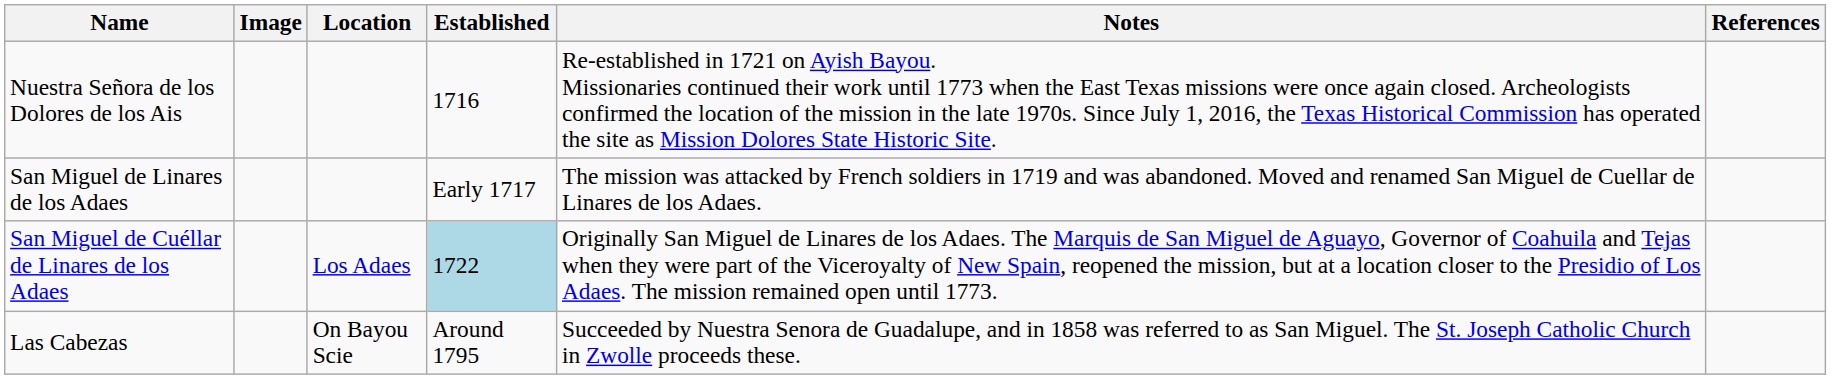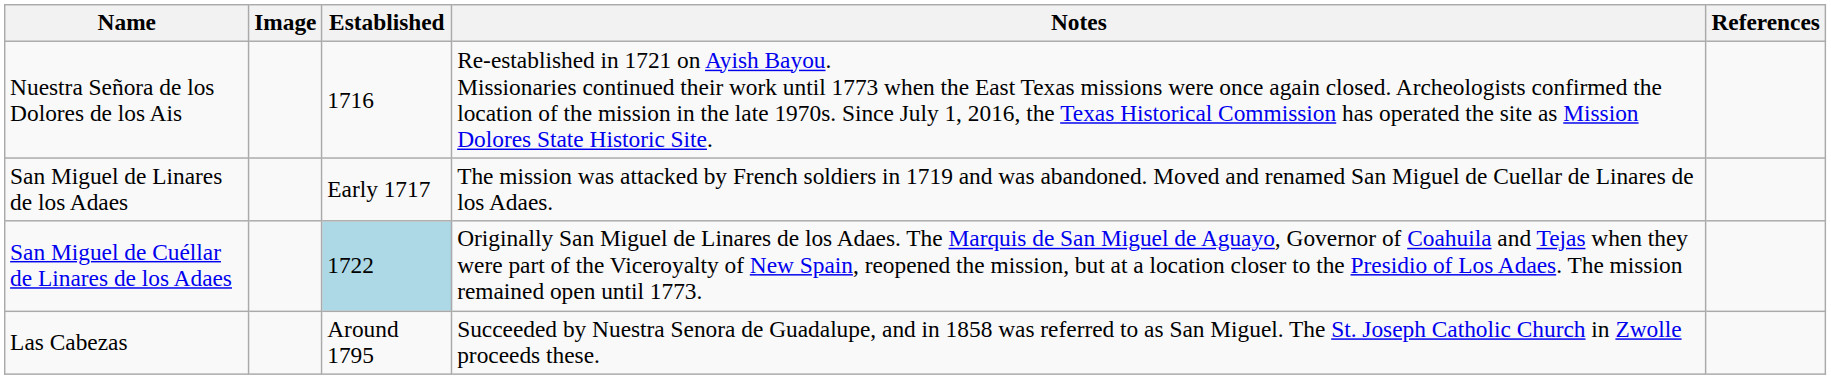 <table class="wikitable">
 <tr>
 <th>Name</th>
 <th>Image</th>
-<th>Location</th>
 <th>Established</th>
 <th>Notes</th>
 <th>References</th>
 </tr>
 <tr>
 <td>Nuestra Señora de los Dolores de los Ais</td>
 <td></td>
-<td><sub></sub></td>
 <td>1716</td>
 <td>Re-established in 1721 on <a href='#'>Ayish Bayou</a>.<br>Missionaries continued their work until 1773 when the East Texas missions were once again closed. Archeologists confirmed the location of the mission in the late 1970s. Since July 1, 2016, the <a href='#'>Texas Historical Commission</a> has operated the site as <a href='#'>Mission Dolores State Historic Site</a>.</td>
 <td></td>
 </tr>
 <tr>
 <td>San Miguel de Linares de los Adaes</td>
-<td></td>
 <td></td>
 <td>Early 1717</td>
 <td>The mission was attacked by French soldiers in 1719 and was abandoned. Moved and renamed San Miguel de Cuellar de Linares de los Adaes.</td>
 <td></td>
 </tr>
 <tr>
 <td><a href='#'>San Miguel de Cuéllar de Linares de los Adaes</a></td>
 <td></td>
-<td><a href='#'>Los Adaes</a></td>
 <td style="background: lightblue;">1722</td>
 <td>Originally San Miguel de Linares de los Adaes. The <a href='#'>Marquis de San Miguel de Aguayo</a>, Governor of <a href='#'>Coahuila</a> and <a href='#'>Tejas</a> when they were part of the Viceroyalty of <a href='#'>New Spain</a>, reopened the mission, but at a location closer to the <a href='#'>Presidio of Los Adaes</a>. The mission remained open until 1773.</td>
 <td></td>
 </tr>
 <tr>
 <td>Las Cabezas</td>
 <td></td>
-<td>On Bayou Scie</td>
 <td>Around 1795</td>
 <td>Succeeded by Nuestra Senora de Guadalupe, and in 1858 was referred to as San Miguel. The <a href='#'>St. Joseph Catholic Church</a> in <a href='#'>Zwolle</a> proceeds these.</td>
 <td></td>
 </tr>
 </table>
